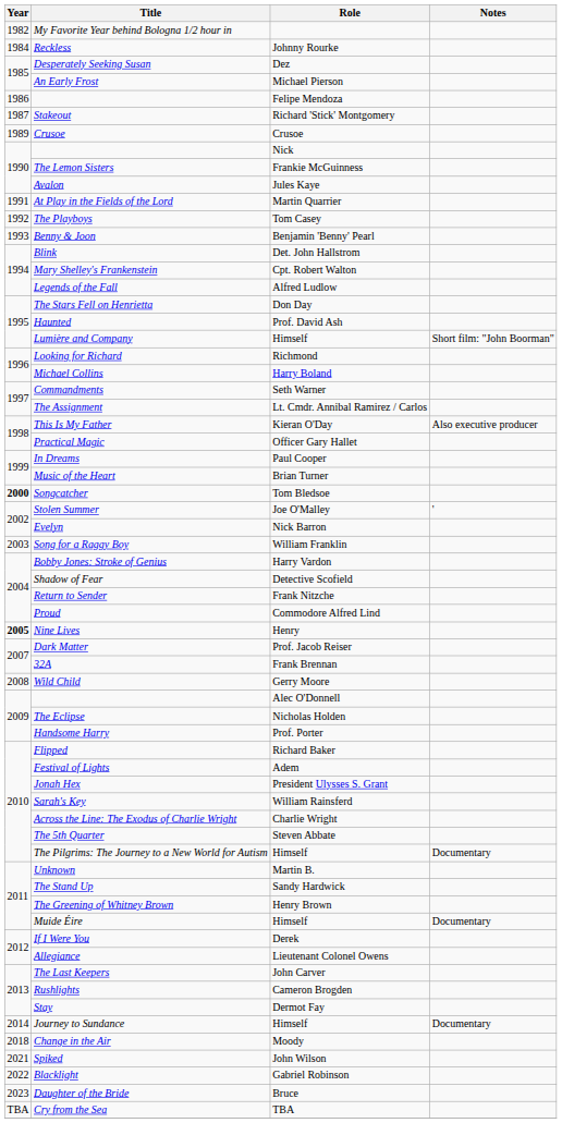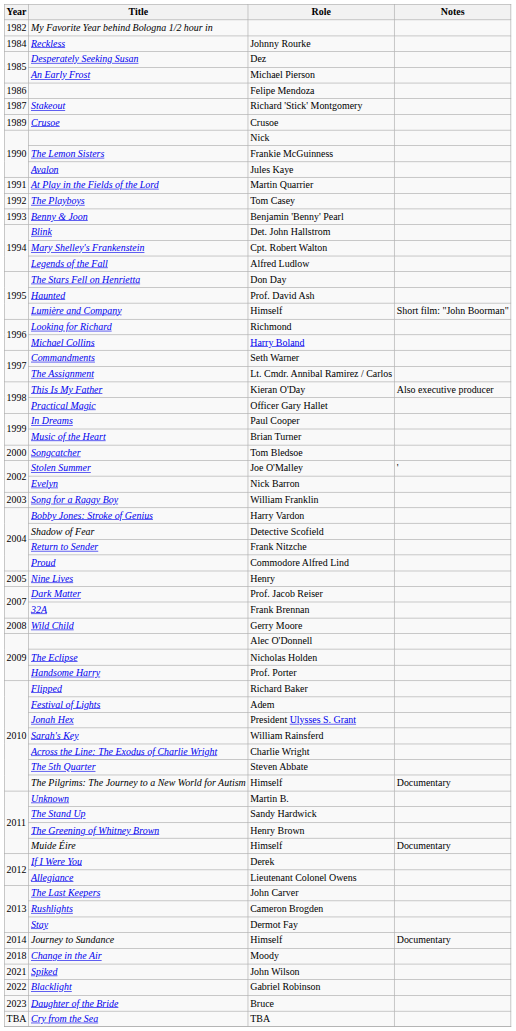 <table class="wikitable sortable">
 <tr>
 <th>Year</th>
 <th>Title</th>
 <th>Role</th>
 <th>Notes</th>
 </tr>
 <tr>
 <td>1982</td>
 <td><em>My Favorite Year behind Bologna 1/2 hour in</em></td>
 <td></td>
 </tr>
 <tr>
 <td>1984</td>
 <td><em><a href='#'>Reckless</a></em></td>
 <td>Johnny Rourke</td>
 <td></td>
 </tr>
 <tr>
 <td rowspan=2>1985</td>
 <td><em><a href='#'>Desperately Seeking Susan</a></em></td>
 <td>Dez</td>
 <td></td>
 </tr>
 <tr>
 <td><em><a href='#'>An Early Frost</a></em></td>
 <td>Michael Pierson</td>
 </tr>
 <tr>
 <td>1986</td>
 <td><em></em></td>
 <td>Felipe Mendoza</td>
 <td></td>
 </tr>
 <tr>
 <td>1987</td>
 <td><em><a href='#'>Stakeout</a></em></td>
 <td>Richard 'Stick' Montgomery</td>
 <td></td>
 </tr>
 <tr>
 <td>1989</td>
 <td><em><a href='#'>Crusoe</a></em></td>
 <td>Crusoe</td>
 <td></td>
 </tr>
 <tr>
 <td rowspan=3>1990</td>
 <td><em></em></td>
 <td>Nick</td>
 <td></td>
 </tr>
 <tr>
 <td><em><a href='#'>The Lemon Sisters</a></em></td>
 <td>Frankie McGuinness</td>
 <td></td>
 </tr>
 <tr>
 <td><em><a href='#'>Avalon</a></em></td>
 <td>Jules Kaye</td>
 <td></td>
 </tr>
 <tr>
 <td>1991</td>
 <td><em><a href='#'>At Play in the Fields of the Lord</a></em></td>
 <td>Martin Quarrier</td>
 <td></td>
 </tr>
 <tr>
 <td>1992</td>
 <td><em><a href='#'>The Playboys</a></em></td>
 <td>Tom Casey</td>
 <td></td>
 </tr>
 <tr>
 <td>1993</td>
 <td><em><a href='#'>Benny & Joon</a></em></td>
 <td>Benjamin 'Benny' Pearl</td>
 <td></td>
 </tr>
 <tr>
 <td rowspan=3>1994</td>
 <td><em><a href='#'>Blink</a></em></td>
 <td>Det. John Hallstrom</td>
 <td></td>
 </tr>
 <tr>
 <td><em><a href='#'>Mary Shelley's Frankenstein</a></em></td>
 <td>Cpt. Robert Walton</td>
 <td></td>
 </tr>
 <tr>
 <td><em><a href='#'>Legends of the Fall</a></em></td>
 <td>Alfred Ludlow</td>
 <td></td>
 </tr>
 <tr>
 <td rowspan=3>1995</td>
 <td><em><a href='#'>The Stars Fell on Henrietta</a></em></td>
 <td>Don Day</td>
 <td></td>
 </tr>
 <tr>
 <td><em><a href='#'>Haunted</a></em></td>
 <td>Prof. David Ash</td>
 <td></td>
 </tr>
 <tr>
 <td><em><a href='#'>Lumière and Company</a></em></td>
 <td>Himself</td>
 <td>Short film: "John Boorman"</td>
 </tr>
 <tr>
 <td rowspan=2>1996</td>
 <td><em><a href='#'>Looking for Richard</a></em></td>
 <td>Richmond</td>
 <td></td>
 </tr>
 <tr>
 <td><em><a href='#'>Michael Collins</a></em></td>
 <td><a href='#'>Harry Boland</a></td>
 <td></td>
 </tr>
 <tr>
 <td rowspan=2>1997</td>
 <td><em><a href='#'>Commandments</a></em></td>
 <td>Seth Warner</td>
 <td></td>
 </tr>
 <tr>
 <td><em><a href='#'>The Assignment</a></em></td>
 <td>Lt. Cmdr. Annibal Ramirez / Carlos</td>
 <td></td>
 </tr>
 <tr>
 <td rowspan=2>1998</td>
 <td><em><a href='#'>This Is My Father</a></em></td>
 <td>Kieran O'Day</td>
 <td>Also executive producer</td>
 </tr>
 <tr>
 <td><em><a href='#'>Practical Magic</a></em></td>
 <td>Officer Gary Hallet</td>
 <td></td>
 </tr>
 <tr>
 <td rowspan=2>1999</td>
 <td><em><a href='#'>In Dreams</a></em></td>
 <td>Paul Cooper</td>
 <td></td>
 </tr>
 <tr>
 <td><em><a href='#'>Music of the Heart</a></em></td>
 <td>Brian Turner</td>
 <td></td>
 </tr>
 <tr>
-<td><strong>2000</strong></td>
+<td>2000</td>
 <td><em><a href='#'>Songcatcher</a></em></td>
 <td>Tom Bledsoe</td>
 <td></td>
 </tr>
 <tr>
 <td rowspan=2>2002</td>
 <td><em><a href='#'>Stolen Summer</a></em></td>
 <td>Joe O'Malley</td>
 <td>'</td>
 </tr>
 <tr>
 <td><em><a href='#'>Evelyn</a></em></td>
 <td>Nick Barron</td>
 <td></td>
 </tr>
 <tr>
 <td>2003</td>
 <td><em><a href='#'>Song for a Raggy Boy</a></em></td>
 <td>William Franklin</td>
 <td></td>
 </tr>
 <tr>
 <td rowspan=4>2004</td>
 <td><em><a href='#'>Bobby Jones: Stroke of Genius</a></em></td>
 <td>Harry Vardon</td>
 <td></td>
 </tr>
 <tr>
 <td><em>Shadow of Fear</em></td>
 <td>Detective Scofield</td>
 <td></td>
 </tr>
 <tr>
 <td><em><a href='#'>Return to Sender</a></em></td>
 <td>Frank Nitzche</td>
 <td></td>
 </tr>
 <tr>
 <td><em><a href='#'>Proud</a></em></td>
 <td>Commodore Alfred Lind</td>
 <td></td>
 </tr>
 <tr>
-<td><strong>2005</strong></td>
+<td>2005</td>
 <td><em><a href='#'>Nine Lives</a></em></td>
 <td>Henry</td>
 <td></td>
 </tr>
 <tr>
 <td rowspan=2>2007</td>
 <td><em><a href='#'>Dark Matter</a></em></td>
 <td>Prof. Jacob Reiser</td>
 <td></td>
 </tr>
 <tr>
 <td><em><a href='#'>32A</a></em></td>
 <td>Frank Brennan</td>
 <td></td>
 </tr>
 <tr>
 <td>2008</td>
 <td><em><a href='#'>Wild Child</a></em></td>
 <td>Gerry Moore</td>
 <td></td>
 </tr>
 <tr>
 <td rowspan=3>2009</td>
 <td><em></em></td>
 <td>Alec O'Donnell</td>
 <td></td>
 </tr>
 <tr>
 <td><em><a href='#'>The Eclipse</a></em></td>
 <td>Nicholas Holden</td>
 <td></td>
 </tr>
 <tr>
 <td><em><a href='#'>Handsome Harry</a></em></td>
 <td>Prof. Porter</td>
 <td></td>
 </tr>
 <tr>
 <td rowspan=7>2010</td>
 <td><em><a href='#'>Flipped</a></em></td>
 <td>Richard Baker</td>
 <td></td>
 </tr>
 <tr>
 <td><em><a href='#'>Festival of Lights</a></em></td>
 <td>Adem</td>
 <td></td>
 </tr>
 <tr>
 <td><em><a href='#'>Jonah Hex</a></em></td>
 <td>President <a href='#'>Ulysses S. Grant</a></td>
 <td></td>
 </tr>
 <tr>
 <td><em><a href='#'>Sarah's Key</a></em></td>
 <td>William Rainsferd</td>
 <td></td>
 </tr>
 <tr>
 <td><em><a href='#'>Across the Line: The Exodus of Charlie Wright</a></em></td>
 <td>Charlie Wright</td>
 <td></td>
 </tr>
 <tr>
 <td><em><a href='#'>The 5th Quarter</a></em></td>
 <td>Steven Abbate</td>
 <td></td>
 </tr>
 <tr>
 <td><em>The Pilgrims: The Journey to a New World for Autism</em></td>
 <td>Himself</td>
 <td>Documentary</td>
 </tr>
 <tr>
 <td rowspan=4>2011</td>
 <td><em><a href='#'>Unknown</a></em></td>
 <td>Martin B.</td>
 <td></td>
 </tr>
 <tr>
 <td><em><a href='#'>The Stand Up</a></em></td>
 <td>Sandy Hardwick</td>
 <td></td>
 </tr>
 <tr>
 <td><em><a href='#'>The Greening of Whitney Brown</a></em></td>
 <td>Henry Brown</td>
 <td></td>
 </tr>
 <tr>
 <td><em>Muide Éire</em></td>
 <td>Himself</td>
 <td>Documentary</td>
 </tr>
 <tr>
 <td rowspan=2>2012</td>
 <td><em><a href='#'>If I Were You</a></em></td>
 <td>Derek</td>
 <td></td>
 </tr>
 <tr>
 <td><em><a href='#'>Allegiance</a></em></td>
 <td>Lieutenant Colonel Owens</td>
 <td></td>
 </tr>
 <tr>
 <td rowspan=3>2013</td>
 <td><em><a href='#'>The Last Keepers</a></em></td>
 <td>John Carver</td>
 <td></td>
 </tr>
 <tr>
 <td><em><a href='#'>Rushlights</a></em></td>
 <td>Cameron Brogden</td>
 <td></td>
 </tr>
 <tr>
 <td><em><a href='#'>Stay</a></em></td>
 <td>Dermot Fay</td>
 <td></td>
 </tr>
 <tr>
 <td>2014</td>
 <td><em>Journey to Sundance</em></td>
 <td>Himself</td>
 <td>Documentary</td>
 </tr>
 <tr>
 <td>2018</td>
 <td><em><a href='#'>Change in the Air</a></em></td>
 <td>Moody</td>
 <td></td>
 </tr>
 <tr>
 <td>2021</td>
 <td><em><a href='#'>Spiked</a></em></td>
 <td>John Wilson</td>
 <td></td>
 </tr>
 <tr>
 <td>2022</td>
 <td><em><a href='#'>Blacklight</a></em></td>
 <td>Gabriel Robinson</td>
 <td></td>
 </tr>
 <tr>
 <td>2023</td>
 <td><em><a href='#'>Daughter of the Bride</a></em></td>
 <td>Bruce</td>
 <td></td>
 </tr>
 <tr>
 <td>TBA</td>
 <td><em><a href='#'>Cry from the Sea</a></em></td>
 <td>TBA</td>
 <td></td>
 </tr>
 <tr>
 </tr>
 </table>
